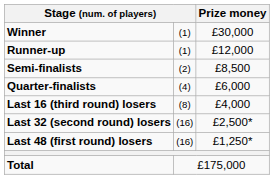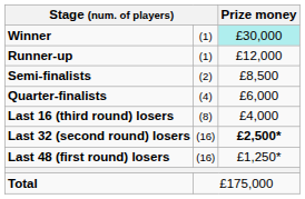 <table class="wikitable">
 <tr>
 <th colspan="2">Stage <small>(num. of players)</small></th>
 <th>Prize money</th>
 </tr>
 <tr>
 <td><strong>Winner</strong></td>
 <td align="center"><small>(1)</small></td>
-<td align="center">£30,000</td>
+<td align="center" style="background: paleturquoise;">£30,000</td>
 </tr>
 <tr>
 <td><strong>Runner-up</strong></td>
 <td align="center"><small>(1)</small></td>
 <td align="center">£12,000</td>
 </tr>
 <tr>
 <td><strong>Semi-finalists</strong></td>
 <td align="center"><small>(2)</small></td>
 <td align="center">£8,500</td>
 </tr>
 <tr>
 <td><strong>Quarter-finalists</strong></td>
 <td align="center"><small>(4)</small></td>
 <td align="center">£6,000</td>
 </tr>
 <tr>
 <td><strong>Last 16 (third round) losers</strong></td>
 <td align="center"><small>(8)</small></td>
 <td align="center">£4,000</td>
 </tr>
 <tr>
 <td><strong>Last 32 (second round) losers</strong></td>
 <td align="center"><small>(16)</small></td>
-<td align="center">£2,500*</td>
+<td align="center"><strong>£2,500*</strong></td>
 </tr>
 <tr>
 <td><strong>Last 48 (first round) losers</strong></td>
 <td align="center"><small>(16)</small></td>
 <td align="center">£1,250*</td>
 </tr>
 <tr>
 <th colspan="3"></th>
 </tr>
 <tr>
 <td><strong>Total</strong></td>
 <td colspan="2" align="center">£175,000</td>
 </tr>
 </table>
